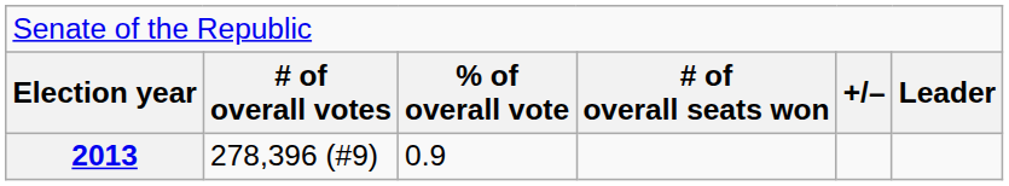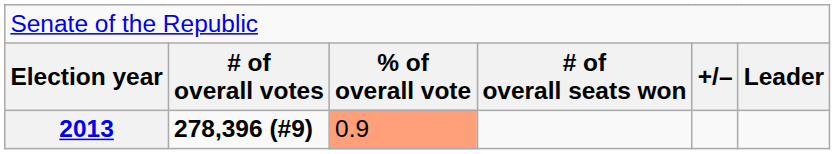 <table class=wikitable>
 <tr>
 <td colspan=6><a href='#'>Senate of the Republic</a></td>
 </tr>
 <tr>
 <th>Election year</th>
 <th># of<br>overall votes</th>
 <th>% of<br>overall vote</th>
 <th># of<br>overall seats won</th>
 <th>+/–</th>
 <th>Leader</th>
 </tr>
 <tr>
 <th><a href='#'>2013</a></th>
-<td>278,396 (#9)</td>
-<td>0.9</td>
+<td><strong>278,396 (#9)</strong></td>
+<td style="background: lightsalmon;">0.9</td>
 <td></td>
 <td></td>
 <td></td>
 </tr>
 </table>
